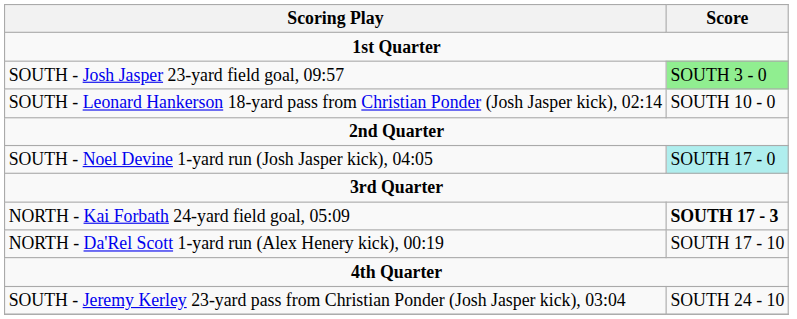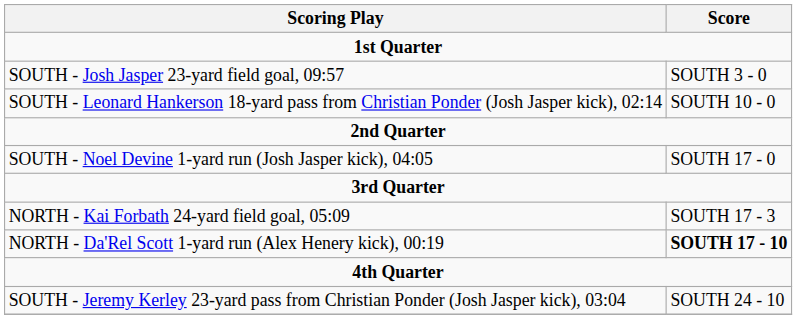 <table class="wikitable">
 <tr>
 <th>Scoring Play</th>
 <th>Score</th>
 </tr>
 <tr>
 <td colspan="4" align="center"><strong>1st Quarter</strong></td>
 </tr>
 <tr>
 <td>SOUTH - <a href='#'>Josh Jasper</a> 23-yard field goal, 09:57</td>
-<td style="background: lightgreen;">SOUTH 3 - 0</td>
+<td>SOUTH 3 - 0</td>
 </tr>
 <tr>
 <td>SOUTH - <a href='#'>Leonard Hankerson</a> 18-yard pass from <a href='#'>Christian Ponder</a> (Josh Jasper kick), 02:14</td>
 <td>SOUTH 10 - 0</td>
 </tr>
 <tr>
 <td colspan="4" align="center"><strong>2nd Quarter</strong></td>
 </tr>
 <tr>
 <td>SOUTH - <a href='#'>Noel Devine</a> 1-yard run (Josh Jasper kick), 04:05</td>
-<td style="background: paleturquoise;">SOUTH 17  - 0</td>
+<td>SOUTH 17  - 0</td>
 </tr>
 <tr>
 <td colspan="4" align="center"><strong>3rd Quarter</strong></td>
 </tr>
 <tr>
 <td>NORTH - <a href='#'>Kai Forbath</a> 24-yard field goal, 05:09</td>
-<td><strong>SOUTH  17 - 3</strong></td>
+<td>SOUTH  17 - 3</td>
 </tr>
 <tr>
 <td>NORTH - <a href='#'>Da'Rel Scott</a> 1-yard run (Alex Henery kick), 00:19</td>
-<td>SOUTH 17 - 10</td>
+<td><strong>SOUTH 17 - 10</strong></td>
 </tr>
 <tr>
 <td colspan="4" align="center"><strong>4th Quarter</strong></td>
 </tr>
 <tr>
 <td>SOUTH - <a href='#'>Jeremy Kerley</a> 23-yard pass from Christian Ponder (Josh Jasper kick), 03:04</td>
 <td>SOUTH 24 - 10</td>
 </tr>
 <tr>
 </tr>
 </table>
